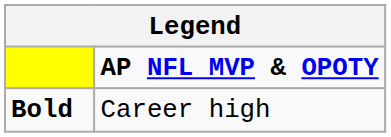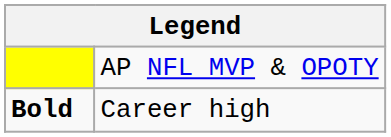 <table class="wikitable">
 <tr>
 <th colspan="2">Legend</th>
 </tr>
 <tr>
 <td style="background:#ffff00; width:3em;"></td>
-<td><strong>AP <a href='#'>NFL MVP</a> & <a href='#'>OPOTY</a></strong></td>
+<td>AP <a href='#'>NFL MVP</a> & <a href='#'>OPOTY</a></td>
 </tr>
 <tr>
 <td><strong>Bold</strong></td>
 <td>Career high</td>
 </tr>
 </table>
